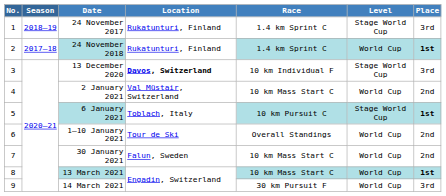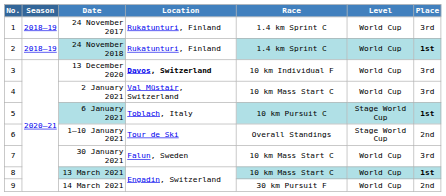 <table class="wikitable sortable" style="font-size:95%; text-align:center; border:grey solid 1px; border-collapse:collapse; background:#ffffff;">
 <tr style="background:#efefef;">
 <th style="background-color:#369; color:white;">No.</th>
 <th style="background-color:#369; color:white;">Season</th>
 <th style="background-color:#4180be; color:white; width:100px;">Date</th>
 <th style="background-color:#4180be; color:white; width:170px;">Location</th>
 <th style="background-color:#4180be; color:white; width:170px;">Race</th>
 <th style="background-color:#4180be; color:white; width:100px;">Level</th>
 <th style="background-color:#4180be; color:white;">Place</th>
 </tr>
 <tr>
 <td align=center>1</td>
 <td align=center><a href='#'>2018–19</a></td>
 <td align=right>24 November 2017</td>
 <td align=left> <a href='#'>Rukatunturi</a>, Finland</td>
 <td>1.4 km Sprint C</td>
-<td>Stage World Cup</td>
+<td>World Cup</td>
 <td>3rd</td>
 </tr>
 <tr>
 <td align=center>2</td>
-<td align=center><a href='#'>2017–18</a></td>
+<td align=center><a href='#'>2018–19</a></td>
 <td bgcolor="#BOEOE6" align=right>24 November 2018</td>
 <td align=left> <a href='#'>Rukatunturi</a>, Finland</td>
 <td bgcolor="#BOEOE6">1.4 km Sprint C</td>
 <td bgcolor="#BOEOE6">World Cup</td>
 <td bgcolor="#BOEOE6"><strong>1st</strong></td>
 </tr>
 <tr>
 <td align=center>3</td>
 <td rowspan=7 align=center><a href='#'>2020–21</a></td>
 <td align=right>13 December 2020</td>
 <td align=left><strong> <a href='#'>Davos</a>, Switzerland</strong></td>
 <td>10 km Individual F</td>
-<td>Stage World Cup</td>
+<td>World Cup</td>
 <td>3rd</td>
 </tr>
 <tr>
 <td align=center>4</td>
 <td align=right>2 January 2021</td>
 <td align=left> <a href='#'>Val Müstair</a>, Switzerland</td>
 <td>10 km Mass Start C</td>
 <td>World Cup</td>
-<td>2nd</td>
+<td>3rd</td>
 </tr>
 <tr>
 <td align=center>5</td>
 <td bgcolor="#BOEOE6" align=right>6 January 2021</td>
 <td align=left> <a href='#'>Toblach</a>, Italy</td>
 <td bgcolor="#BOEOE6">10 km Pursuit C</td>
 <td bgcolor="#BOEOE6">Stage World Cup</td>
 <td bgcolor="#BOEOE6"><strong>1st</strong></td>
 </tr>
 <tr>
 <td align=center>6</td>
 <td align=right>1–10 January 2021</td>
 <td align=left> <a href='#'>Tour de Ski</a></td>
 <td>Overall Standings</td>
-<td>World Cup</td>
+<td>Stage World Cup</td>
 <td>2nd</td>
 </tr>
 <tr>
 <td align=center>7</td>
 <td align=right>30 January 2021</td>
 <td align=left> <a href='#'>Falun</a>, Sweden</td>
 <td>10 km Mass Start C</td>
 <td>World Cup</td>
-<td>2nd</td>
+<td>3rd</td>
 </tr>
 <tr>
 <td align=center>8</td>
 <td bgcolor="#BOEOE6" align=right>13 March 2021</td>
 <td rowspan=2 align=left> <a href='#'>Engadin</a>, Switzerland</td>
 <td bgcolor="#BOEOE6">10 km Mass Start C</td>
 <td bgcolor="#BOEOE6">World Cup</td>
 <td bgcolor="#BOEOE6"><strong>1st</strong></td>
 </tr>
 <tr>
 <td align=center>9</td>
 <td align=right>14 March 2021</td>
 <td>30 km Pursuit F</td>
 <td>World Cup</td>
-<td>3rd</td>
+<td>2nd</td>
 </tr>
 </table>
